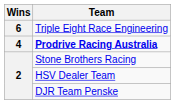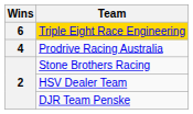 <table class="wikitable" style="font-size: 95%;">
 <tr>
 <th>Wins</th>
 <th>Team</th>
 </tr>
 <tr>
 <th>6</th>
-<td><a href='#'>Triple Eight Race Engineering</a></td>
+<td style="background: gold;"><a href='#'>Triple Eight Race Engineering</a></td>
 </tr>
 <tr>
 <th>4</th>
-<td><strong><a href='#'>Prodrive Racing Australia</a></strong></td>
+<td><a href='#'>Prodrive Racing Australia</a></td>
 </tr>
 <tr>
 <th rowspan="3">2</th>
 <td><a href='#'>Stone Brothers Racing</a></td>
 </tr>
 <tr>
 <td><a href='#'>HSV Dealer Team</a></td>
 </tr>
 <tr>
 <td><a href='#'>DJR Team Penske</a></td>
 </tr>
 </table>
